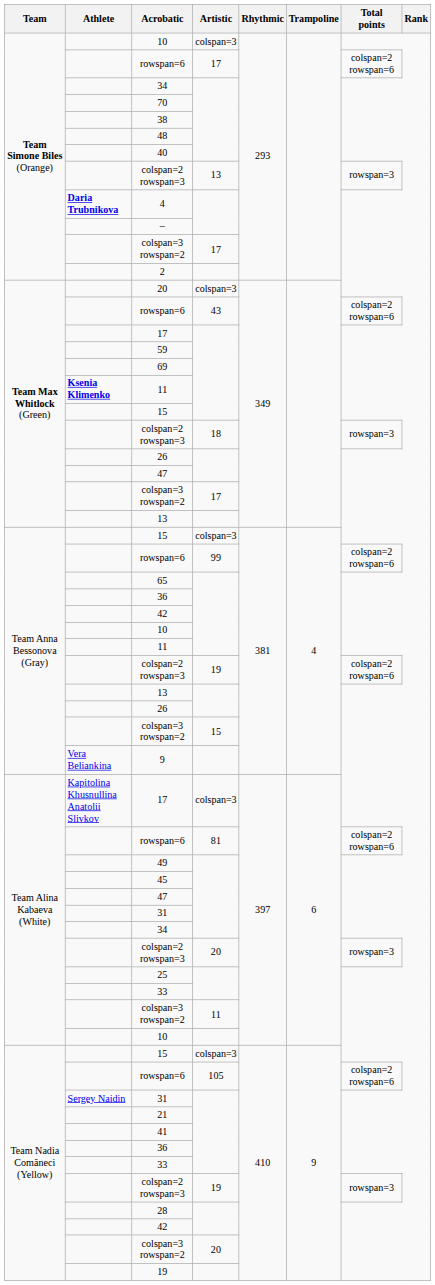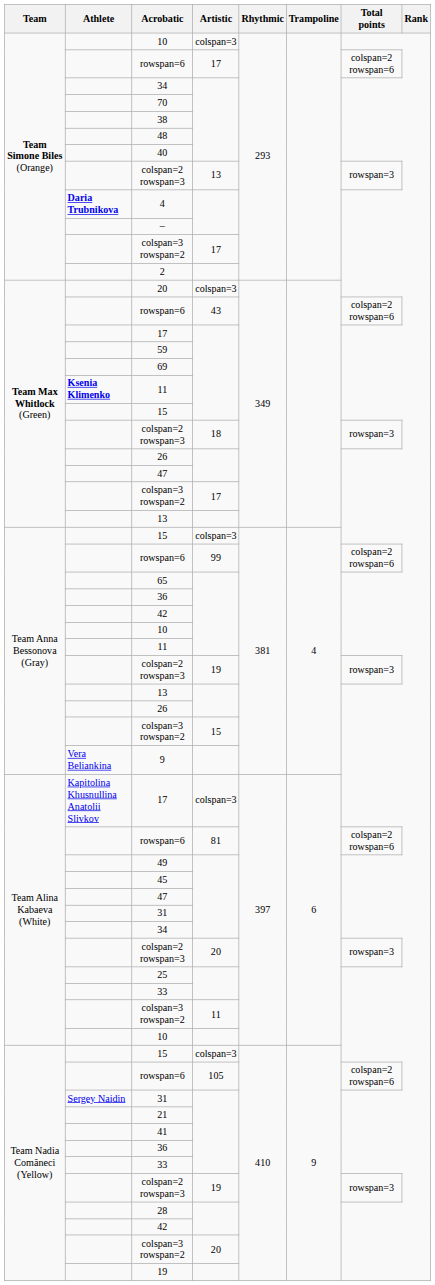 <table class="wikitable" style="text-align:center;font-size:90%">
 <tr>
 <th>Team</th>
 <th>Athlete</th>
 <th>Acrobatic</th>
 <th>Artistic</th>
 <th>Rhythmic</th>
 <th>Trampoline</th>
 <th>Total<br>points</th>
 <th>Rank</th>
 </tr>
 <tr>
 <td rowspan=12><strong>Team Simone Biles</strong><br>(Orange)</td>
 <td align=left><br></td>
 <td>10</td>
 <td>colspan=3 </td>
 <td rowspan=12>293</td>
 <td rowspan=12></td>
 </tr>
 <tr>
 <td align=left></td>
 <td>rowspan=6 </td>
 <td>17</td>
 <td>colspan=2 rowspan=6 </td>
 </tr>
 <tr>
 <td align=left></td>
 <td>34</td>
 </tr>
 <tr>
 <td align=left></td>
 <td>70</td>
 </tr>
 <tr>
 <td align=left></td>
 <td>38</td>
 </tr>
 <tr>
 <td align=left></td>
 <td>48</td>
 </tr>
 <tr>
 <td align=left></td>
 <td>40</td>
 </tr>
 <tr>
 <td align=left></td>
 <td>colspan=2 rowspan=3 </td>
 <td>13</td>
 <td>rowspan=3 </td>
 </tr>
 <tr>
 <td align=left><strong><a href='#'>Daria Trubnikova</a></strong></td>
 <td>4</td>
 </tr>
 <tr>
 <td align=left></td>
 <td>–</td>
 </tr>
 <tr>
 <td align=left></td>
 <td>colspan=3 rowspan=2 </td>
 <td>17</td>
 </tr>
 <tr>
 <td align=left></td>
 <td>2</td>
 </tr>
 <tr>
 <td rowspan=12><strong>Team Max Whitlock</strong><br>(Green)</td>
 <td align=left><br></td>
 <td>20</td>
 <td>colspan=3 </td>
 <td rowspan=12>349</td>
 <td rowspan=12></td>
 </tr>
 <tr>
 <td align=left></td>
 <td>rowspan=6 </td>
 <td>43</td>
 <td>colspan=2 rowspan=6 </td>
 </tr>
 <tr>
 <td align=left></td>
 <td>17</td>
 </tr>
 <tr>
 <td align=left></td>
 <td>59</td>
 </tr>
 <tr>
 <td align=left></td>
 <td>69</td>
 </tr>
 <tr>
 <td align=left><strong><a href='#'>Ksenia Klimenko</a></strong></td>
 <td>11</td>
 </tr>
 <tr>
 <td align=left></td>
 <td>15</td>
 </tr>
 <tr>
 <td align=left></td>
 <td>colspan=2 rowspan=3 </td>
 <td>18</td>
 <td>rowspan=3 </td>
 </tr>
 <tr>
 <td align=left></td>
 <td>26</td>
 </tr>
 <tr>
 <td align=left></td>
 <td>47</td>
 </tr>
 <tr>
 <td align=left></td>
 <td>colspan=3 rowspan=2 </td>
 <td>17</td>
 </tr>
 <tr>
 <td align=left></td>
 <td>13</td>
 </tr>
 <tr>
 <td rowspan=12>Team Anna Bessonova<br>(Gray)</td>
 <td align=left><br></td>
 <td>15</td>
 <td>colspan=3 </td>
 <td rowspan=12>381</td>
 <td rowspan=12>4</td>
 </tr>
 <tr>
 <td align=left></td>
 <td>rowspan=6 </td>
 <td>99</td>
 <td>colspan=2 rowspan=6 </td>
 </tr>
 <tr>
 <td align=left></td>
 <td>65</td>
 </tr>
 <tr>
 <td align=left></td>
 <td>36</td>
 </tr>
 <tr>
 <td align=left></td>
 <td>42</td>
 </tr>
 <tr>
 <td align=left></td>
 <td>10</td>
 </tr>
 <tr>
 <td align=left></td>
 <td>11</td>
 </tr>
 <tr>
 <td align=left></td>
 <td>colspan=2 rowspan=3 </td>
 <td>19</td>
-<td>colspan=2 rowspan=6 </td>
+<td>rowspan=3 </td>
 </tr>
 <tr>
 <td align=left></td>
 <td>13</td>
 </tr>
 <tr>
 <td align=left></td>
 <td>26</td>
 </tr>
 <tr>
 <td align=left></td>
 <td>colspan=3 rowspan=2 </td>
 <td>15</td>
 </tr>
 <tr>
 <td align=left><a href='#'>Vera Beliankina</a></td>
 <td>9</td>
 </tr>
 <tr>
 <td rowspan=12>Team Alina Kabaeva<br>(White)</td>
 <td align=left><a href='#'>Kapitolina Khusnullina</a><br><a href='#'>Anatolii Slivkov</a></td>
 <td>17</td>
 <td>colspan=3 </td>
 <td rowspan=12>397</td>
 <td rowspan=12>6</td>
 </tr>
 <tr>
 <td align=left></td>
 <td>rowspan=6 </td>
 <td>81</td>
 <td>colspan=2 rowspan=6 </td>
 </tr>
 <tr>
 <td align=left></td>
 <td>49</td>
 </tr>
 <tr>
 <td align=left></td>
 <td>45</td>
 </tr>
 <tr>
 <td align=left></td>
 <td>47</td>
 </tr>
 <tr>
 <td align=left></td>
 <td>31</td>
 </tr>
 <tr>
 <td align=left></td>
 <td>34</td>
 </tr>
 <tr>
 <td align=left></td>
 <td>colspan=2 rowspan=3 </td>
 <td>20</td>
 <td>rowspan=3 </td>
 </tr>
 <tr>
 <td align=left></td>
 <td>25</td>
 </tr>
 <tr>
 <td align=left></td>
 <td>33</td>
 </tr>
 <tr>
 <td align=left></td>
 <td>colspan=3 rowspan=2 </td>
 <td>11</td>
 </tr>
 <tr>
 <td align=left></td>
 <td>10</td>
 </tr>
 <tr>
 <td rowspan=12>Team Nadia Comăneci<br>(Yellow)</td>
 <td align=left><br></td>
 <td>15</td>
 <td>colspan=3 </td>
 <td rowspan=12>410</td>
 <td rowspan=12>9</td>
 </tr>
 <tr>
 <td align=left></td>
 <td>rowspan=6 </td>
 <td>105</td>
 <td>colspan=2 rowspan=6 </td>
 </tr>
 <tr>
 <td align=left><a href='#'>Sergey Naidin</a></td>
 <td>31</td>
 </tr>
 <tr>
 <td align=left></td>
 <td>21</td>
 </tr>
 <tr>
 <td align=left></td>
 <td>41</td>
 </tr>
 <tr>
 <td align=left></td>
 <td>36</td>
 </tr>
 <tr>
 <td align=left></td>
 <td>33</td>
 </tr>
 <tr>
 <td align=left></td>
 <td>colspan=2 rowspan=3 </td>
 <td>19</td>
 <td>rowspan=3 </td>
 </tr>
 <tr>
 <td align=left></td>
 <td>28</td>
 </tr>
 <tr>
 <td align=left></td>
 <td>42</td>
 </tr>
 <tr>
 <td align=left></td>
 <td>colspan=3 rowspan=2 </td>
 <td>20</td>
 </tr>
 <tr>
 <td align=left></td>
 <td>19</td>
 </tr>
 </table>
